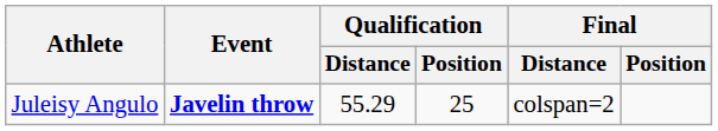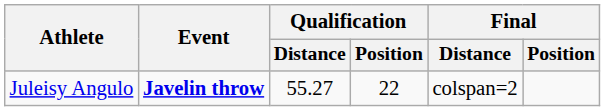 <table class=wikitable style=font-size:90%>
 <tr>
 <th rowspan=2>Athlete</th>
 <th rowspan=2>Event</th>
 <th colspan=2>Qualification</th>
 <th colspan=2>Final</th>
 </tr>
 <tr style=font-size:95%>
 <th>Distance</th>
 <th>Position</th>
 <th>Distance</th>
 <th>Position</th>
 </tr>
 <tr align=center>
 <td align=left><a href='#'>Juleisy Angulo</a></td>
 <td align=left><strong><a href='#'>Javelin throw</a></strong></td>
-<td>55.29</td>
-<td>25</td>
+<td>55.27</td>
+<td>22</td>
 <td>colspan=2 </td>
 </tr>
 </table>
